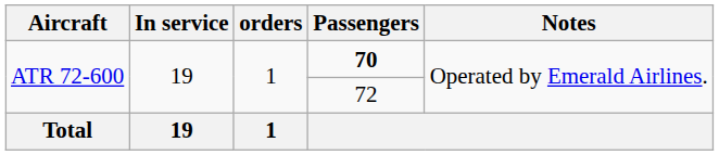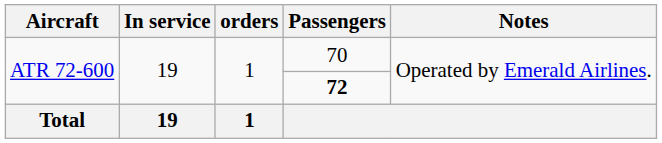 <table class="wikitable" style="border-collapse:collapse; text-align:center; margin:1em auto;">
 <tr>
 <th>Aircraft</th>
 <th>In service</th>
 <th>orders</th>
 <th>Passengers</th>
 <th>Notes</th>
 </tr>
 <tr>
 <td rowspan="2"><a href='#'>ATR 72-600</a></td>
 <td rowspan="2">19</td>
 <td rowspan="2">1</td>
-<td><strong>70</strong></td>
+<td>70</td>
 <td rowspan="2">Operated by <a href='#'>Emerald Airlines</a>.</td>
 </tr>
 <tr>
-<td>72</td>
+<td><strong>72</strong></td>
 </tr>
 <tr>
 <th>Total</th>
 <th>19</th>
 <th>1</th>
 <th colspan="2"></th>
 </tr>
 </table>
